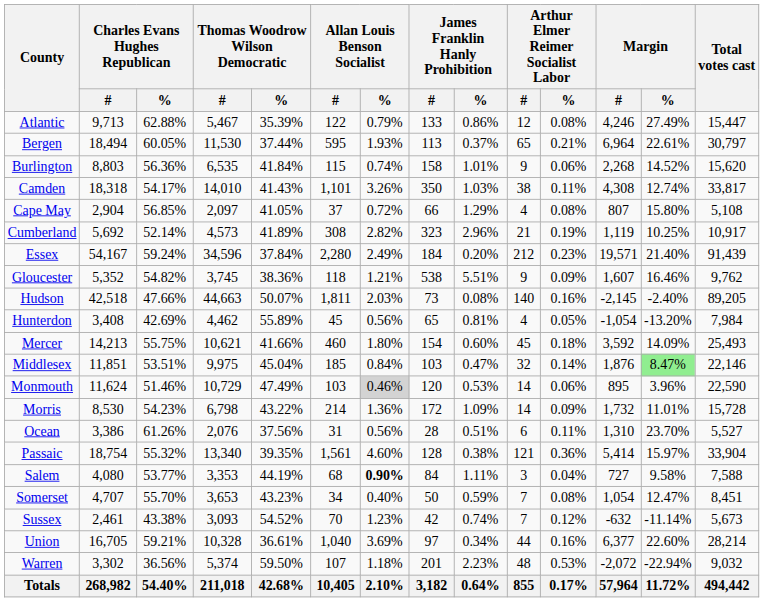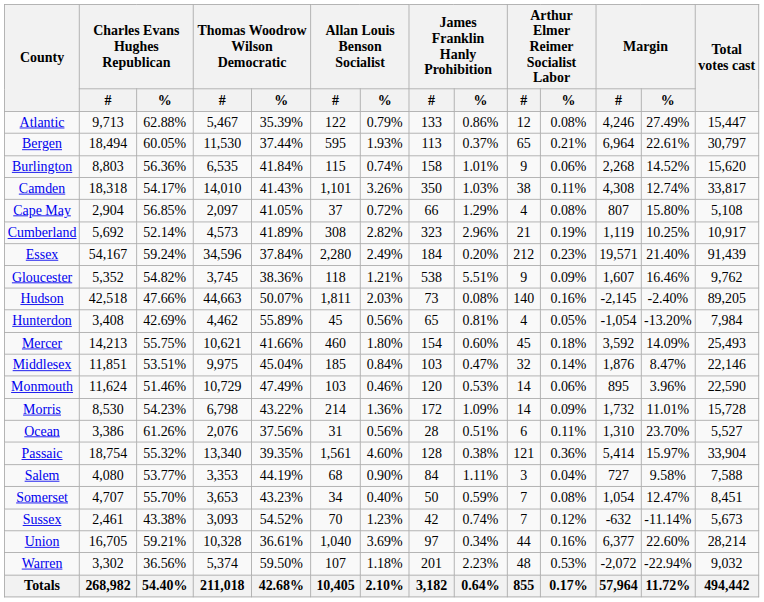 <table class="wikitable sortable" style="text-align:center">
 <tr>
 <th style="text-align:center;" rowspan="2">County</th>
 <th style="text-align:center;" colspan="2">Charles Evans Hughes<br>Republican</th>
 <th style="text-align:center;" colspan="2">Thomas Woodrow Wilson<br>Democratic</th>
 <th style="text-align:center;" colspan="2">Allan Louis Benson<br>Socialist</th>
 <th style="text-align:center;" colspan="2">James Franklin Hanly<br>Prohibition</th>
 <th style="text-align:center;" colspan="2">Arthur Elmer Reimer<br>Socialist Labor</th>
 <th style="text-align:center;" colspan="2">Margin</th>
 <th style="text-align:center;" rowspan="2">Total votes cast</th>
 </tr>
 <tr>
 <th data-sort-type="number">#</th>
 <th data-sort-type="number">%</th>
 <th data-sort-type="number">#</th>
 <th data-sort-type="number">%</th>
 <th data-sort-type="number">#</th>
 <th data-sort-type="number">%</th>
 <th data-sort-type="number">#</th>
 <th data-sort-type="number">%</th>
 <th data-sort-type="number">#</th>
 <th data-sort-type="number">%</th>
 <th data-sort-type="number">#</th>
 <th data-sort-type="number">%</th>
 </tr>
 <tr style="text-align:center;">
 <td><a href='#'>Atlantic</a></td>
 <td>9,713</td>
 <td>62.88%</td>
 <td>5,467</td>
 <td>35.39%</td>
 <td>122</td>
 <td>0.79%</td>
 <td>133</td>
 <td>0.86%</td>
 <td>12</td>
 <td>0.08%</td>
 <td>4,246</td>
 <td>27.49%</td>
 <td>15,447</td>
 </tr>
 <tr style="text-align:center;">
 <td><a href='#'>Bergen</a></td>
 <td>18,494</td>
 <td>60.05%</td>
 <td>11,530</td>
 <td>37.44%</td>
 <td>595</td>
 <td>1.93%</td>
 <td>113</td>
 <td>0.37%</td>
 <td>65</td>
 <td>0.21%</td>
 <td>6,964</td>
 <td>22.61%</td>
 <td>30,797</td>
 </tr>
 <tr style="text-align:center;">
 <td><a href='#'>Burlington</a></td>
 <td>8,803</td>
 <td>56.36%</td>
 <td>6,535</td>
 <td>41.84%</td>
 <td>115</td>
 <td>0.74%</td>
 <td>158</td>
 <td>1.01%</td>
 <td>9</td>
 <td>0.06%</td>
 <td>2,268</td>
 <td>14.52%</td>
 <td>15,620</td>
 </tr>
 <tr style="text-align:center;">
 <td><a href='#'>Camden</a></td>
 <td>18,318</td>
 <td>54.17%</td>
 <td>14,010</td>
 <td>41.43%</td>
 <td>1,101</td>
 <td>3.26%</td>
 <td>350</td>
 <td>1.03%</td>
 <td>38</td>
 <td>0.11%</td>
 <td>4,308</td>
 <td>12.74%</td>
 <td>33,817</td>
 </tr>
 <tr style="text-align:center;">
 <td><a href='#'>Cape May</a></td>
 <td>2,904</td>
 <td>56.85%</td>
 <td>2,097</td>
 <td>41.05%</td>
 <td>37</td>
 <td>0.72%</td>
 <td>66</td>
 <td>1.29%</td>
 <td>4</td>
 <td>0.08%</td>
 <td>807</td>
 <td>15.80%</td>
 <td>5,108</td>
 </tr>
 <tr style="text-align:center;">
 <td><a href='#'>Cumberland</a></td>
 <td>5,692</td>
 <td>52.14%</td>
 <td>4,573</td>
 <td>41.89%</td>
 <td>308</td>
 <td>2.82%</td>
 <td>323</td>
 <td>2.96%</td>
 <td>21</td>
 <td>0.19%</td>
 <td>1,119</td>
 <td>10.25%</td>
 <td>10,917</td>
 </tr>
 <tr style="text-align:center;">
 <td><a href='#'>Essex</a></td>
 <td>54,167</td>
 <td>59.24%</td>
 <td>34,596</td>
 <td>37.84%</td>
 <td>2,280</td>
 <td>2.49%</td>
 <td>184</td>
 <td>0.20%</td>
 <td>212</td>
 <td>0.23%</td>
 <td>19,571</td>
 <td>21.40%</td>
 <td>91,439</td>
 </tr>
 <tr style="text-align:center;">
 <td><a href='#'>Gloucester</a></td>
 <td>5,352</td>
 <td>54.82%</td>
 <td>3,745</td>
 <td>38.36%</td>
 <td>118</td>
 <td>1.21%</td>
 <td>538</td>
 <td>5.51%</td>
 <td>9</td>
 <td>0.09%</td>
 <td>1,607</td>
 <td>16.46%</td>
 <td>9,762</td>
 </tr>
 <tr style="text-align:center;">
 <td><a href='#'>Hudson</a></td>
 <td>42,518</td>
 <td>47.66%</td>
 <td>44,663</td>
 <td>50.07%</td>
 <td>1,811</td>
 <td>2.03%</td>
 <td>73</td>
 <td>0.08%</td>
 <td>140</td>
 <td>0.16%</td>
 <td>-2,145</td>
 <td>-2.40%</td>
 <td>89,205</td>
 </tr>
 <tr style="text-align:center;">
 <td><a href='#'>Hunterdon</a></td>
 <td>3,408</td>
 <td>42.69%</td>
 <td>4,462</td>
 <td>55.89%</td>
 <td>45</td>
 <td>0.56%</td>
 <td>65</td>
 <td>0.81%</td>
 <td>4</td>
 <td>0.05%</td>
 <td>-1,054</td>
 <td>-13.20%</td>
 <td>7,984</td>
 </tr>
 <tr style="text-align:center;">
 <td><a href='#'>Mercer</a></td>
 <td>14,213</td>
 <td>55.75%</td>
 <td>10,621</td>
 <td>41.66%</td>
 <td>460</td>
 <td>1.80%</td>
 <td>154</td>
 <td>0.60%</td>
 <td>45</td>
 <td>0.18%</td>
 <td>3,592</td>
 <td>14.09%</td>
 <td>25,493</td>
 </tr>
 <tr style="text-align:center;">
 <td><a href='#'>Middlesex</a></td>
 <td>11,851</td>
 <td>53.51%</td>
 <td>9,975</td>
 <td>45.04%</td>
 <td>185</td>
 <td>0.84%</td>
 <td>103</td>
 <td>0.47%</td>
 <td>32</td>
 <td>0.14%</td>
 <td>1,876</td>
-<td style="background: lightgreen;">8.47%</td>
+<td>8.47%</td>
 <td>22,146</td>
 </tr>
 <tr style="text-align:center;">
 <td><a href='#'>Monmouth</a></td>
 <td>11,624</td>
 <td>51.46%</td>
 <td>10,729</td>
 <td>47.49%</td>
 <td>103</td>
-<td style="background: lightgrey;">0.46%</td>
+<td>0.46%</td>
 <td>120</td>
 <td>0.53%</td>
 <td>14</td>
 <td>0.06%</td>
 <td>895</td>
 <td>3.96%</td>
 <td>22,590</td>
 </tr>
 <tr style="text-align:center;">
 <td><a href='#'>Morris</a></td>
 <td>8,530</td>
 <td>54.23%</td>
 <td>6,798</td>
 <td>43.22%</td>
 <td>214</td>
 <td>1.36%</td>
 <td>172</td>
 <td>1.09%</td>
 <td>14</td>
 <td>0.09%</td>
 <td>1,732</td>
 <td>11.01%</td>
 <td>15,728</td>
 </tr>
 <tr style="text-align:center;">
 <td><a href='#'>Ocean</a></td>
 <td>3,386</td>
 <td>61.26%</td>
 <td>2,076</td>
 <td>37.56%</td>
 <td>31</td>
 <td>0.56%</td>
 <td>28</td>
 <td>0.51%</td>
 <td>6</td>
 <td>0.11%</td>
 <td>1,310</td>
 <td>23.70%</td>
 <td>5,527</td>
 </tr>
 <tr style="text-align:center;">
 <td><a href='#'>Passaic</a></td>
 <td>18,754</td>
 <td>55.32%</td>
 <td>13,340</td>
 <td>39.35%</td>
 <td>1,561</td>
 <td>4.60%</td>
 <td>128</td>
 <td>0.38%</td>
 <td>121</td>
 <td>0.36%</td>
 <td>5,414</td>
 <td>15.97%</td>
 <td>33,904</td>
 </tr>
 <tr style="text-align:center;">
 <td><a href='#'>Salem</a></td>
 <td>4,080</td>
 <td>53.77%</td>
 <td>3,353</td>
 <td>44.19%</td>
 <td>68</td>
-<td><strong>0.90%</strong></td>
+<td>0.90%</td>
 <td>84</td>
 <td>1.11%</td>
 <td>3</td>
 <td>0.04%</td>
 <td>727</td>
 <td>9.58%</td>
 <td>7,588</td>
 </tr>
 <tr style="text-align:center;">
 <td><a href='#'>Somerset</a></td>
 <td>4,707</td>
 <td>55.70%</td>
 <td>3,653</td>
 <td>43.23%</td>
 <td>34</td>
 <td>0.40%</td>
 <td>50</td>
 <td>0.59%</td>
 <td>7</td>
 <td>0.08%</td>
 <td>1,054</td>
 <td>12.47%</td>
 <td>8,451</td>
 </tr>
 <tr style="text-align:center;">
 <td><a href='#'>Sussex</a></td>
 <td>2,461</td>
 <td>43.38%</td>
 <td>3,093</td>
 <td>54.52%</td>
 <td>70</td>
 <td>1.23%</td>
 <td>42</td>
 <td>0.74%</td>
 <td>7</td>
 <td>0.12%</td>
 <td>-632</td>
 <td>-11.14%</td>
 <td>5,673</td>
 </tr>
 <tr style="text-align:center;">
 <td><a href='#'>Union</a></td>
 <td>16,705</td>
 <td>59.21%</td>
 <td>10,328</td>
 <td>36.61%</td>
 <td>1,040</td>
 <td>3.69%</td>
 <td>97</td>
 <td>0.34%</td>
 <td>44</td>
 <td>0.16%</td>
 <td>6,377</td>
 <td>22.60%</td>
 <td>28,214</td>
 </tr>
 <tr style="text-align:center;">
 <td><a href='#'>Warren</a></td>
 <td>3,302</td>
 <td>36.56%</td>
 <td>5,374</td>
 <td>59.50%</td>
 <td>107</td>
 <td>1.18%</td>
 <td>201</td>
 <td>2.23%</td>
 <td>48</td>
 <td>0.53%</td>
 <td>-2,072</td>
 <td>-22.94%</td>
 <td>9,032</td>
 </tr>
 <tr style="text-align:center;">
 <th>Totals</th>
 <th>268,982</th>
 <th>54.40%</th>
 <th>211,018</th>
 <th>42.68%</th>
 <th>10,405</th>
 <th>2.10%</th>
 <th>3,182</th>
 <th>0.64%</th>
 <th>855</th>
 <th>0.17%</th>
 <th>57,964</th>
 <th>11.72%</th>
 <th>494,442</th>
 </tr>
 </table>
